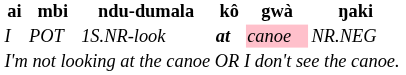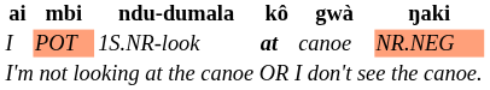 <table>
 <tr>
 <th>ai</th>
 <th>mbi</th>
 <th>ndu-dumala</th>
 <th>kô</th>
 <th>gwà</th>
 <th>ŋaki</th>
 </tr>
 <tr>
 <td><em>I</em></td>
-<td><em>POT</em></td>
+<td style="background: lightsalmon;"><em>POT</em></td>
 <td><em>1S.NR-look</em></td>
 <td><strong><em>at</em></strong></td>
-<td style="background: pink;"><em>canoe</em></td>
-<td><em>NR.NEG</em></td>
+<td><em>canoe</em></td>
+<td style="background: lightsalmon;"><em>NR.NEG</em></td>
 </tr>
 <tr>
 <td colspan="6"><em>I'm not looking at the canoe OR I don't see the canoe.</em></td>
 </tr>
 </table>
